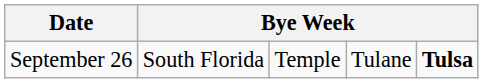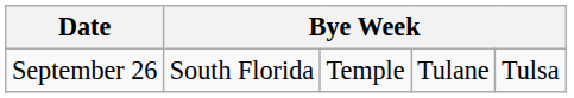 <table class="wikitable" style="font-size:95%;">
 <tr>
 <th>Date</th>
 <th colspan="4">Bye Week</th>
 </tr>
 <tr>
 <td>September 26</td>
 <td>South Florida</td>
 <td>Temple</td>
 <td>Tulane</td>
-<td><strong>Tulsa</strong></td>
+<td>Tulsa</td>
 </tr>
 </table>
